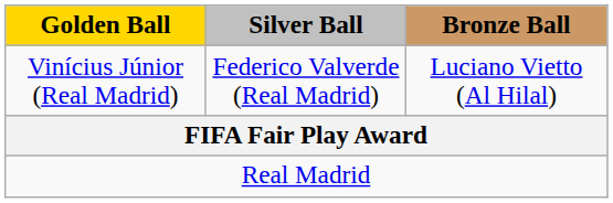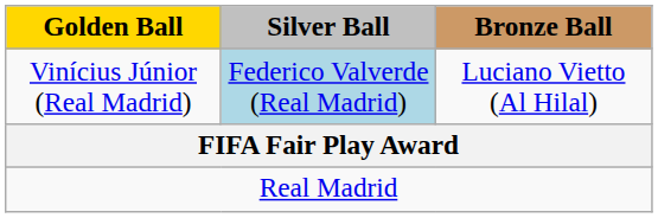 <table class="wikitable" style="text-align:center">
 <tr>
 <th style="background:gold; width:33%">Golden Ball</th>
 <th style="background:silver; width:33%">Silver Ball</th>
 <th style="background:#CC9966; width:33%">Bronze Ball</th>
 </tr>
 <tr>
 <td> <a href='#'>Vinícius Júnior</a><br>(<a href='#'>Real Madrid</a>)</td>
-<td> <a href='#'>Federico Valverde</a><br>(<a href='#'>Real Madrid</a>)</td>
+<td style="background: lightblue;"> <a href='#'>Federico Valverde</a><br>(<a href='#'>Real Madrid</a>)</td>
 <td> <a href='#'>Luciano Vietto</a><br>(<a href='#'>Al Hilal</a>)</td>
 </tr>
 <tr>
 <th colspan="3">FIFA Fair Play Award</th>
 </tr>
 <tr>
 <td colspan="3"> <a href='#'>Real Madrid</a></td>
 </tr>
 </table>
